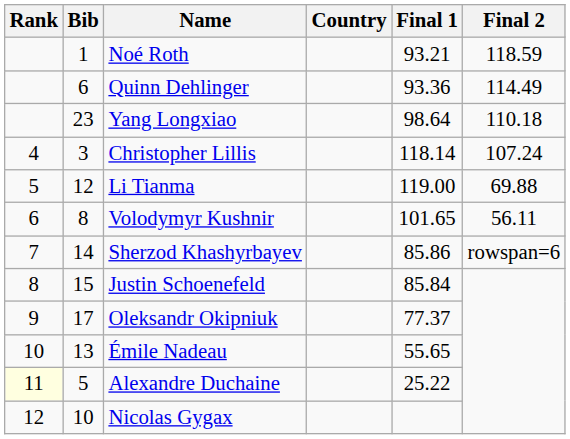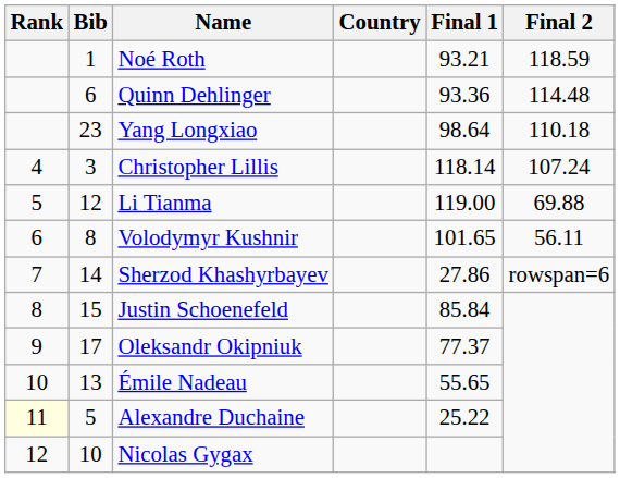 <table class="wikitable sortable" style="text-align:center">
 <tr>
 <th>Rank</th>
 <th>Bib</th>
 <th>Name</th>
 <th>Country</th>
 <th>Final 1</th>
 <th>Final 2</th>
 </tr>
 <tr>
 <td></td>
 <td>1</td>
 <td align=left><a href='#'>Noé Roth</a></td>
 <td align=left></td>
 <td>93.21</td>
 <td>118.59</td>
 </tr>
 <tr>
 <td></td>
 <td>6</td>
 <td align=left><a href='#'>Quinn Dehlinger</a></td>
 <td align=left></td>
 <td>93.36</td>
-<td>114.49</td>
+<td>114.48</td>
 </tr>
 <tr>
 <td></td>
 <td>23</td>
 <td align=left><a href='#'>Yang Longxiao</a></td>
 <td align=left></td>
 <td>98.64</td>
 <td>110.18</td>
 </tr>
 <tr>
 <td>4</td>
 <td>3</td>
 <td align=left><a href='#'>Christopher Lillis</a></td>
 <td align=left></td>
 <td>118.14</td>
 <td>107.24</td>
 </tr>
 <tr>
 <td>5</td>
 <td>12</td>
 <td align=left><a href='#'>Li Tianma</a></td>
 <td align=left></td>
 <td>119.00</td>
 <td>69.88</td>
 </tr>
 <tr>
 <td>6</td>
 <td>8</td>
 <td align=left><a href='#'>Volodymyr Kushnir</a></td>
 <td align=left></td>
 <td>101.65</td>
 <td>56.11</td>
 </tr>
 <tr>
 <td>7</td>
 <td>14</td>
 <td align=left><a href='#'>Sherzod Khashyrbayev</a></td>
 <td align=left></td>
-<td>85.86</td>
+<td>27.86</td>
 <td>rowspan=6</td>
 </tr>
 <tr>
 <td>8</td>
 <td>15</td>
 <td align=left><a href='#'>Justin Schoenefeld</a></td>
 <td align=left></td>
 <td>85.84</td>
 </tr>
 <tr>
 <td>9</td>
 <td>17</td>
 <td align=left><a href='#'>Oleksandr Okipniuk</a></td>
 <td align=left></td>
 <td>77.37</td>
 </tr>
 <tr>
 <td>10</td>
 <td>13</td>
 <td align=left><a href='#'>Émile Nadeau</a></td>
 <td align=left></td>
 <td>55.65</td>
 </tr>
 <tr>
 <td style="background: lightyellow;">11</td>
 <td>5</td>
 <td align=left><a href='#'>Alexandre Duchaine</a></td>
 <td align=left></td>
 <td>25.22</td>
 </tr>
 <tr>
 <td>12</td>
 <td>10</td>
 <td align=left><a href='#'>Nicolas Gygax</a></td>
 <td align=left></td>
 <td></td>
 </tr>
 </table>
